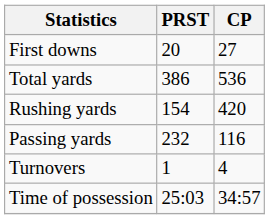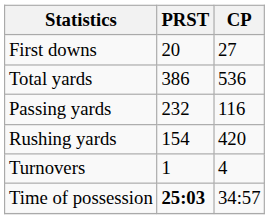 <table class="wikitable" style="float: left;">
 <tr>
 <th>Statistics</th>
 <th>PRST</th>
 <th>CP</th>
 </tr>
 <tr>
 <td>First downs</td>
 <td>20</td>
 <td>27</td>
 </tr>
 <tr>
 <td>Total yards</td>
 <td>386</td>
 <td>536</td>
 </tr>
 <tr>
+<td>Passing yards</td>
+<td>232</td>
+<td>116</td>
+</tr>
+<tr>
 <td>Rushing yards</td>
 <td>154</td>
 <td>420</td>
-</tr>
-<tr>
-<td>Passing yards</td>
-<td>232</td>
-<td>116</td>
 </tr>
 <tr>
 <td>Turnovers</td>
 <td>1</td>
 <td>4</td>
 </tr>
 <tr>
 <td>Time of possession</td>
-<td>25:03</td>
+<td><strong>25:03</strong></td>
 <td>34:57</td>
 </tr>
 <tr>
 </tr>
 </table>
